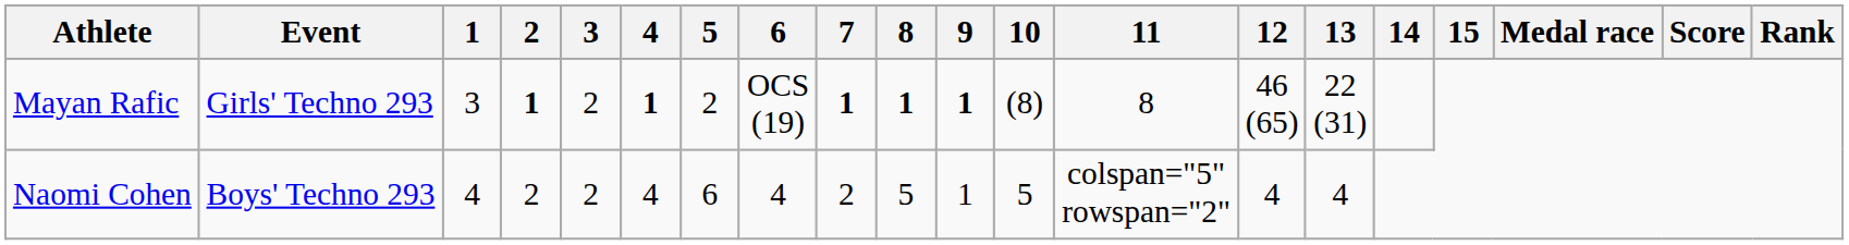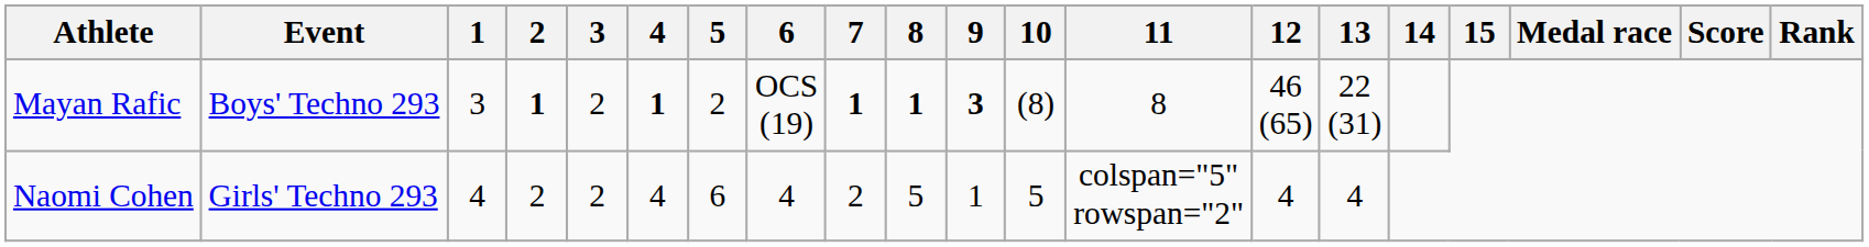 <table class="wikitable" border="1" style="font-size:90%">
 <tr>
 <th>Athlete</th>
 <th>Event</th>
 <th width=20>1</th>
 <th width=20>2</th>
 <th width=20>3</th>
 <th width=20>4</th>
 <th width=20>5</th>
 <th width=20>6</th>
 <th width=20>7</th>
 <th width=20>8</th>
 <th width=20>9</th>
 <th width=20>10</th>
 <th width=20>11</th>
 <th width=20>12</th>
 <th width=20>13</th>
 <th width=20>14</th>
 <th width=20>15</th>
 <th>Medal race</th>
 <th>Score</th>
 <th>Rank</th>
 </tr>
 <tr align=center>
 <td align=left><a href='#'>Mayan Rafic</a></td>
-<td align=left><a href='#'>Girls' Techno 293</a></td>
+<td align=left><a href='#'>Boys' Techno 293</a></td>
 <td>3</td>
 <td><strong>1</strong></td>
 <td>2</td>
 <td><strong>1</strong></td>
 <td>2</td>
 <td>OCS<br>(19)</td>
 <td><strong>1</strong></td>
 <td><strong>1</strong></td>
-<td><strong>1</strong></td>
+<td><strong>3</strong></td>
 <td>(8)</td>
 <td>8</td>
 <td>46 (65)</td>
 <td>22 (31)</td>
 <td></td>
 </tr>
 <tr align=center>
 <td align=left><a href='#'>Naomi Cohen</a></td>
-<td align=left><a href='#'>Boys' Techno 293</a></td>
+<td align=left><a href='#'>Girls' Techno 293</a></td>
 <td>4</td>
 <td>2</td>
 <td>2</td>
 <td>4</td>
 <td>6</td>
 <td>4</td>
 <td>2</td>
 <td>5</td>
 <td>1</td>
 <td>5</td>
 <td>colspan="5" rowspan="2" </td>
 <td>4</td>
 <td>4</td>
 </tr>
 </table>
